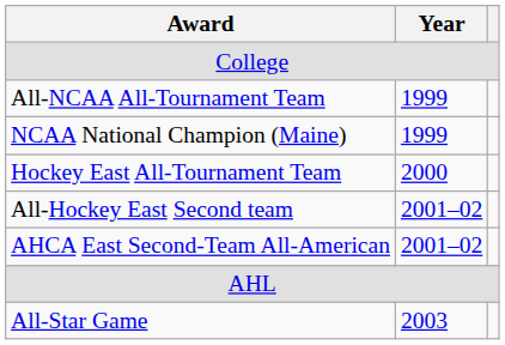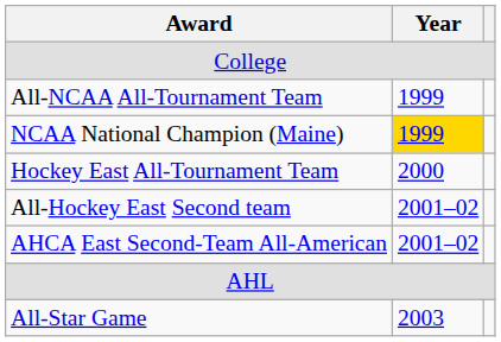 <table class="wikitable">
 <tr>
 <th>Award</th>
 <th>Year</th>
 <th></th>
 </tr>
 <tr ALIGN="center" bgcolor="#e0e0e0">
 <td colspan="3"><a href='#'>College</a></td>
 </tr>
 <tr>
 <td>All-<a href='#'>NCAA</a> <a href='#'>All-Tournament Team</a></td>
 <td><a href='#'>1999</a></td>
 <td></td>
 </tr>
 <tr>
 <td><a href='#'>NCAA</a> National Champion (<a href='#'>Maine</a>)</td>
-<td><a href='#'>1999</a></td>
+<td style="background: gold;"><a href='#'>1999</a></td>
 <td></td>
 </tr>
 <tr>
 <td><a href='#'>Hockey East</a> <a href='#'>All-Tournament Team</a></td>
 <td><a href='#'>2000</a></td>
 <td></td>
 </tr>
 <tr>
 <td>All-<a href='#'>Hockey East</a> <a href='#'>Second team</a></td>
 <td><a href='#'>2001–02</a></td>
 <td></td>
 </tr>
 <tr>
 <td><a href='#'>AHCA</a> <a href='#'>East Second-Team All-American</a></td>
 <td><a href='#'>2001–02</a></td>
 <td></td>
 </tr>
 <tr ALIGN="center" bgcolor="#e0e0e0">
 <td colspan="3"><a href='#'>AHL</a></td>
 </tr>
 <tr>
 <td><a href='#'>All-Star Game</a></td>
 <td><a href='#'>2003</a></td>
 <td></td>
 </tr>
 </table>
